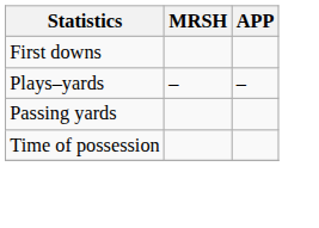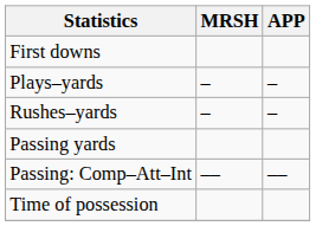 <table class="wikitable" style="float: left;">
 <tr>
 <th>Statistics</th>
 <th>MRSH</th>
 <th>APP</th>
 </tr>
 <tr>
 <td>First downs</td>
 <td></td>
 <td></td>
 </tr>
 <tr>
 <td>Plays–yards</td>
 <td>–</td>
 <td>–</td>
 </tr>
 <tr>
+<td>Rushes–yards</td>
+<td>–</td>
+<td>–</td>
+</tr>
+<tr>
 <td>Passing yards</td>
 <td></td>
 <td></td>
+</tr>
+<tr>
+<td>Passing: Comp–Att–Int</td>
+<td>––</td>
+<td>––</td>
 </tr>
 <tr>
 <td>Time of possession</td>
 <td></td>
 <td></td>
 </tr>
 <tr>
 </tr>
 </table>
